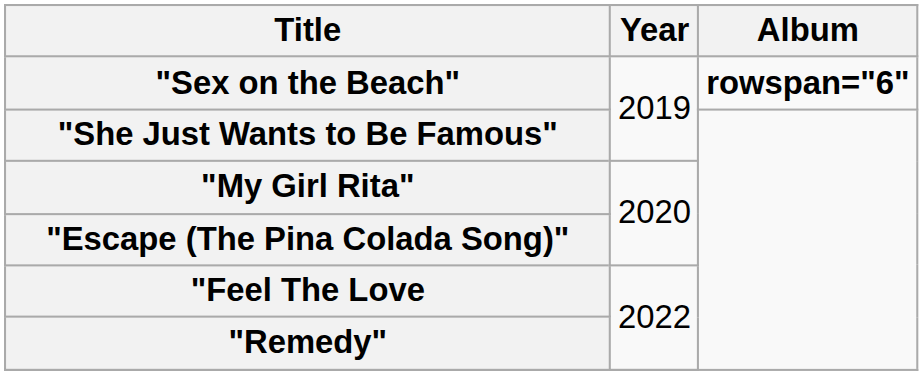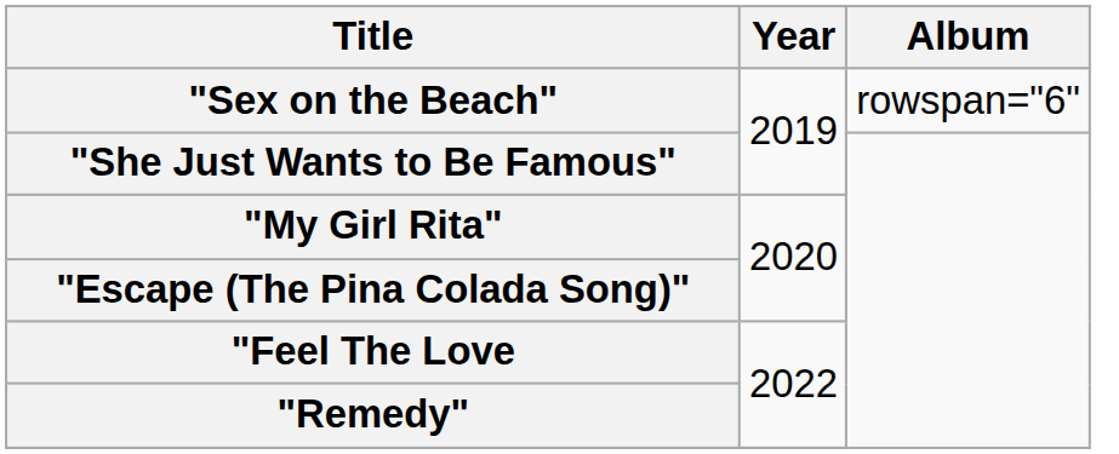 <table class="wikitable plainrowheaders" style="text-align:center;">
 <tr>
 <th scope="col" style="width:18em;">Title</th>
 <th scope="col">Year</th>
 <th scope="col">Album</th>
 </tr>
 <tr>
 <th scope="row">"Sex on the Beach"</th>
 <td rowspan="2">2019</td>
-<td><strong>rowspan="6" </strong></td>
+<td>rowspan="6" </td>
 </tr>
 <tr>
 <th scope="row">"She Just Wants to Be Famous"</th>
 </tr>
 <tr>
 <th scope="row">"My Girl Rita"</th>
 <td rowspan="2">2020</td>
 </tr>
 <tr>
 <th scope="row">"Escape (The Pina Colada Song)"</th>
 </tr>
 <tr>
 <th scope="row">"Feel The Love</th>
 <td rowspan="2'">2022</td>
 </tr>
 <tr>
 <th scope="row">"Remedy"</th>
 </tr>
 <tr>
 </tr>
 </table>
